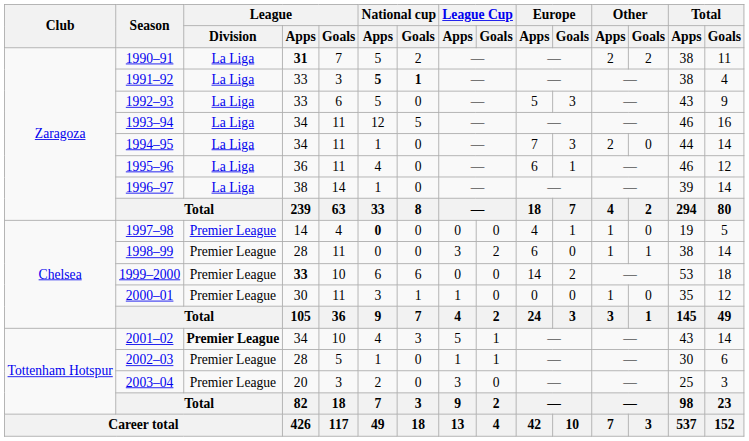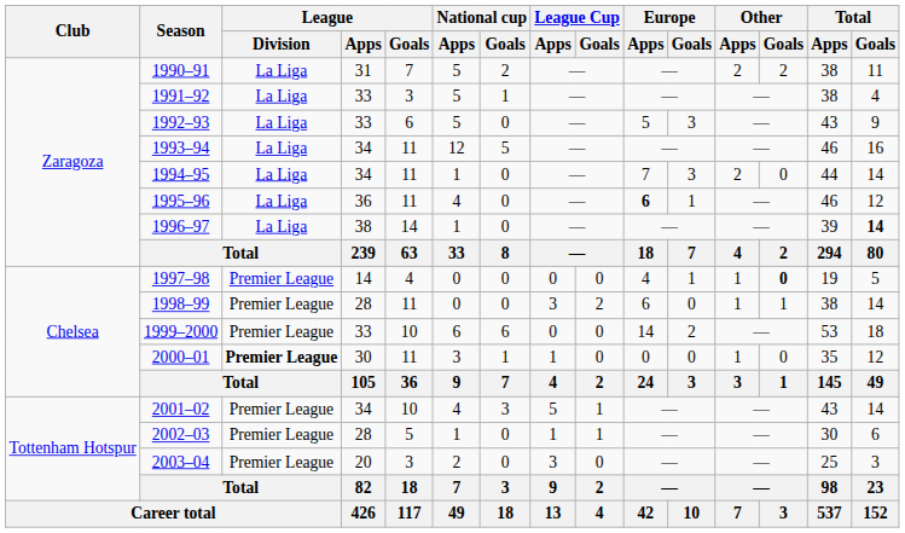 <table class=wikitable style=text-align:center>
 <tr>
 <th rowspan=2>Club</th>
 <th rowspan=2>Season</th>
 <th colspan=3>League</th>
 <th colspan=2>National cup</th>
 <th colspan=2><a href='#'>League Cup</a></th>
 <th colspan=2>Europe</th>
 <th colspan=2>Other</th>
 <th colspan=2>Total</th>
 </tr>
 <tr>
 <th>Division</th>
 <th>Apps</th>
 <th>Goals</th>
 <th>Apps</th>
 <th>Goals</th>
 <th>Apps</th>
 <th>Goals</th>
 <th>Apps</th>
 <th>Goals</th>
 <th>Apps</th>
 <th>Goals</th>
 <th>Apps</th>
 <th>Goals</th>
 </tr>
 <tr>
 <td rowspan="8"><a href='#'>Zaragoza</a></td>
 <td><a href='#'>1990–91</a></td>
 <td><a href='#'>La Liga</a></td>
-<td><strong>31</strong></td>
+<td>31</td>
 <td>7</td>
 <td>5</td>
 <td>2</td>
 <td colspan="2">—</td>
 <td colspan="2">—</td>
 <td>2</td>
 <td>2</td>
 <td>38</td>
 <td>11</td>
 </tr>
 <tr>
 <td><a href='#'>1991–92</a></td>
 <td><a href='#'>La Liga</a></td>
 <td>33</td>
 <td>3</td>
-<td><strong>5</strong></td>
-<td><strong>1</strong></td>
+<td>5</td>
+<td>1</td>
 <td colspan="2">—</td>
 <td colspan="2">—</td>
 <td colspan="2">—</td>
 <td>38</td>
 <td>4</td>
 </tr>
 <tr>
 <td><a href='#'>1992–93</a></td>
 <td><a href='#'>La Liga</a></td>
 <td>33</td>
 <td>6</td>
 <td>5</td>
 <td>0</td>
 <td colspan="2">—</td>
 <td>5</td>
 <td>3</td>
 <td colspan="2">—</td>
 <td>43</td>
 <td>9</td>
 </tr>
 <tr>
 <td><a href='#'>1993–94</a></td>
 <td><a href='#'>La Liga</a></td>
 <td>34</td>
 <td>11</td>
 <td>12</td>
 <td>5</td>
 <td colspan="2">—</td>
 <td colspan="2">—</td>
 <td colspan="2">—</td>
 <td>46</td>
 <td>16</td>
 </tr>
 <tr>
 <td><a href='#'>1994–95</a></td>
 <td><a href='#'>La Liga</a></td>
 <td>34</td>
 <td>11</td>
 <td>1</td>
 <td>0</td>
 <td colspan="2">—</td>
 <td>7</td>
 <td>3</td>
 <td>2</td>
 <td>0</td>
 <td>44</td>
 <td>14</td>
 </tr>
 <tr>
 <td><a href='#'>1995–96</a></td>
 <td><a href='#'>La Liga</a></td>
 <td>36</td>
 <td>11</td>
 <td>4</td>
 <td>0</td>
 <td colspan="2">—</td>
-<td>6</td>
+<td><strong>6</strong></td>
 <td>1</td>
 <td colspan="2">—</td>
 <td>46</td>
 <td>12</td>
 </tr>
 <tr>
 <td><a href='#'>1996–97</a></td>
 <td><a href='#'>La Liga</a></td>
 <td>38</td>
 <td>14</td>
 <td>1</td>
 <td>0</td>
 <td colspan="2">—</td>
 <td colspan="2">—</td>
 <td colspan="2">—</td>
 <td>39</td>
-<td>14</td>
+<td><strong>14</strong></td>
 </tr>
 <tr>
 <th colspan="2">Total</th>
 <th>239</th>
 <th>63</th>
 <th>33</th>
 <th>8</th>
 <th colspan="2">—</th>
 <th>18</th>
 <th>7</th>
 <th>4</th>
 <th>2</th>
 <th>294</th>
 <th>80</th>
 </tr>
 <tr>
 <td rowspan="5"><a href='#'>Chelsea</a></td>
 <td><a href='#'>1997–98</a></td>
 <td><a href='#'>Premier League</a></td>
 <td>14</td>
 <td>4</td>
-<td><strong>0</strong></td>
+<td>0</td>
 <td>0</td>
 <td>0</td>
 <td>0</td>
 <td>4</td>
 <td>1</td>
 <td>1</td>
-<td>0</td>
+<td><strong>0</strong></td>
 <td>19</td>
 <td>5</td>
 </tr>
 <tr>
 <td><a href='#'>1998–99</a></td>
 <td>Premier League</td>
 <td>28</td>
 <td>11</td>
 <td>0</td>
 <td>0</td>
 <td>3</td>
 <td>2</td>
 <td>6</td>
 <td>0</td>
 <td>1</td>
 <td>1</td>
 <td>38</td>
 <td>14</td>
 </tr>
 <tr>
 <td><a href='#'>1999–2000</a></td>
 <td>Premier League</td>
-<td><strong>33</strong></td>
+<td>33</td>
 <td>10</td>
 <td>6</td>
 <td>6</td>
 <td>0</td>
 <td>0</td>
 <td>14</td>
 <td>2</td>
 <td colspan="2">—</td>
 <td>53</td>
 <td>18</td>
 </tr>
 <tr>
 <td><a href='#'>2000–01</a></td>
-<td>Premier League</td>
+<td><strong>Premier League</strong></td>
 <td>30</td>
 <td>11</td>
 <td>3</td>
 <td>1</td>
 <td>1</td>
 <td>0</td>
 <td>0</td>
 <td>0</td>
 <td>1</td>
 <td>0</td>
 <td>35</td>
 <td>12</td>
 </tr>
 <tr>
 <th colspan="2">Total</th>
 <th>105</th>
 <th>36</th>
 <th>9</th>
 <th>7</th>
 <th>4</th>
 <th>2</th>
 <th>24</th>
 <th>3</th>
 <th>3</th>
 <th>1</th>
 <th>145</th>
 <th>49</th>
 </tr>
 <tr>
 <td rowspan="4"><a href='#'>Tottenham Hotspur</a></td>
 <td><a href='#'>2001–02</a></td>
-<td><strong>Premier League</strong></td>
+<td>Premier League</td>
 <td>34</td>
 <td>10</td>
 <td>4</td>
 <td>3</td>
 <td>5</td>
 <td>1</td>
 <td colspan="2">—</td>
 <td colspan="2">—</td>
 <td>43</td>
 <td>14</td>
 </tr>
 <tr>
 <td><a href='#'>2002–03</a></td>
 <td>Premier League</td>
 <td>28</td>
 <td>5</td>
 <td>1</td>
 <td>0</td>
 <td>1</td>
 <td>1</td>
 <td colspan="2">—</td>
 <td colspan="2">—</td>
 <td>30</td>
 <td>6</td>
 </tr>
 <tr>
 <td><a href='#'>2003–04</a></td>
 <td>Premier League</td>
 <td>20</td>
 <td>3</td>
 <td>2</td>
 <td>0</td>
 <td>3</td>
 <td>0</td>
 <td colspan="2">—</td>
 <td colspan="2">—</td>
 <td>25</td>
 <td>3</td>
 </tr>
 <tr>
 <th colspan="2">Total</th>
 <th>82</th>
 <th>18</th>
 <th>7</th>
 <th>3</th>
 <th>9</th>
 <th>2</th>
 <th colspan="2">—</th>
 <th colspan="2">—</th>
 <th>98</th>
 <th>23</th>
 </tr>
 <tr>
 <th colspan="3">Career total</th>
 <th>426</th>
 <th>117</th>
 <th>49</th>
 <th>18</th>
 <th>13</th>
 <th>4</th>
 <th>42</th>
 <th>10</th>
 <th>7</th>
 <th>3</th>
 <th>537</th>
 <th>152</th>
 </tr>
 </table>
